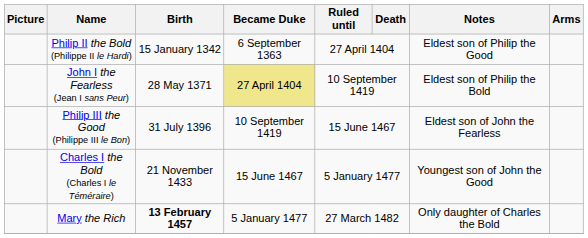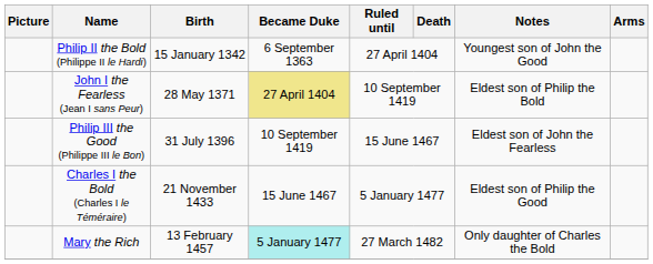 <table width=95% class="wikitable">
 <tr>
 <th>Picture</th>
 <th>Name</th>
 <th>Birth</th>
 <th>Became Duke</th>
 <th>Ruled until</th>
 <th>Death</th>
 <th>Notes</th>
 <th>Arms</th>
 </tr>
 <tr>
 <td align=center></td>
 <td align=center><a href='#'>Philip II</a> <em>the Bold</em> <br><small>(Philippe II <em>le Hardi</em>)</small></td>
 <td align="center">15 January 1342</td>
 <td align="center">6 September 1363</td>
 <td align="center" colspan=2>27 April 1404</td>
-<td align="center">Eldest son of Philip the Good</td>
+<td align="center">Youngest son of John the Good</td>
 <td align=center></td>
 </tr>
 <tr>
 <td align=center></td>
 <td align=center><a href='#'>John I</a> <em>the Fearless</em> <br><small>(Jean I <em>sans Peur</em>)</small></td>
 <td align="center">28 May 1371</td>
 <td align="center" style="background: khaki;">27 April 1404</td>
 <td align="center" colspan=2>10 September 1419</td>
 <td align="center">Eldest son of Philip the Bold</td>
 <td align=center></td>
 </tr>
 <tr>
 <td align=center></td>
 <td align=center><a href='#'>Philip III</a> <em>the Good</em> <br><small>(Philippe III <em>le Bon</em>)</small></td>
 <td align="center">31 July 1396</td>
 <td align="center">10 September 1419</td>
 <td align="center" colspan=2>15 June 1467</td>
 <td align="center">Eldest son of John the Fearless</td>
 <td align=center></td>
 </tr>
 <tr>
 <td align=center></td>
 <td align=center><a href='#'>Charles I</a> <em>the Bold</em> <br><small>(Charles I <em>le Téméraire</em>)</small></td>
 <td align="center">21 November 1433</td>
 <td align="center">15 June 1467</td>
 <td align="center" colspan=2>5 January 1477</td>
-<td align="center">Youngest son of John the Good</td>
+<td align="center">Eldest son of Philip the Good</td>
 <td align=center></td>
 </tr>
 <tr>
 <td align=center></td>
 <td align=center><a href='#'>Mary</a> <em>the Rich</em></td>
-<td align="center"><strong>13 February 1457</strong></td>
-<td align="center">5 January 1477</td>
+<td align="center">13 February 1457</td>
+<td align="center" style="background: paleturquoise;">5 January 1477</td>
 <td align="center" colspan=2>27 March 1482</td>
 <td align="center">Only daughter of Charles the Bold</td>
 <td align=center></td>
 </tr>
 <tr>
 </tr>
 </table>
